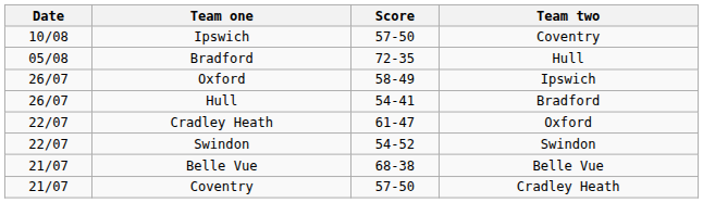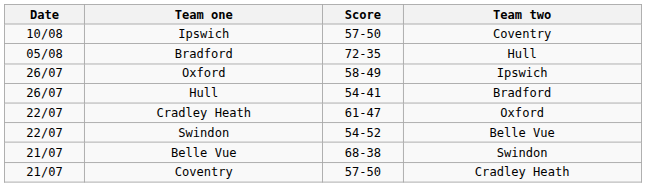 <table class="wikitable" style="text-align: center">
 <tr>
 <th width=80>Date</th>
 <th width=250>Team one</th>
 <th width=80>Score</th>
 <th width=250>Team two</th>
 </tr>
 <tr>
 <td>10/08</td>
 <td>Ipswich</td>
 <td>57-50</td>
 <td>Coventry</td>
 </tr>
 <tr>
 <td>05/08</td>
 <td>Bradford</td>
 <td>72-35</td>
 <td>Hull</td>
 </tr>
 <tr>
 <td>26/07</td>
 <td>Oxford</td>
 <td>58-49</td>
 <td>Ipswich</td>
 </tr>
 <tr>
 <td>26/07</td>
 <td>Hull</td>
 <td>54-41</td>
 <td>Bradford</td>
 </tr>
 <tr>
 <td>22/07</td>
 <td>Cradley Heath</td>
 <td>61-47</td>
 <td>Oxford</td>
 </tr>
 <tr>
 <td>22/07</td>
 <td>Swindon</td>
 <td>54-52</td>
-<td>Swindon</td>
+<td>Belle Vue</td>
 </tr>
 <tr>
 <td>21/07</td>
 <td>Belle Vue</td>
 <td>68-38</td>
-<td>Belle Vue</td>
+<td>Swindon</td>
 </tr>
 <tr>
 <td>21/07</td>
 <td>Coventry</td>
 <td>57-50</td>
 <td>Cradley Heath</td>
 </tr>
 </table>
